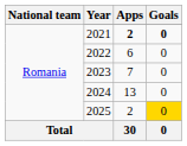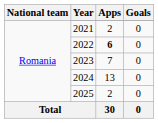 <table class="wikitable" style="text-align: center;">
 <tr>
 <th>National team</th>
 <th>Year</th>
 <th>Apps</th>
 <th>Goals</th>
 </tr>
 <tr>
 <td rowspan="6"><a href='#'>Romania</a></td>
 </tr>
 <tr>
 <td>2021</td>
-<td><strong>2</strong></td>
-<td><strong>0</strong></td>
+<td>2</td>
+<td>0</td>
 </tr>
 <tr>
 <td>2022</td>
-<td>6</td>
+<td><strong>6</strong></td>
 <td>0</td>
 </tr>
 <tr>
 <td>2023</td>
 <td>7</td>
 <td>0</td>
 </tr>
 <tr>
 <td>2024</td>
 <td>13</td>
 <td>0</td>
 </tr>
 <tr>
 <td>2025</td>
 <td>2</td>
-<td style="background: gold;">0</td>
+<td>0</td>
 </tr>
 <tr>
 <th colspan=2>Total</th>
 <th>30</th>
 <th>0</th>
 </tr>
 </table>
